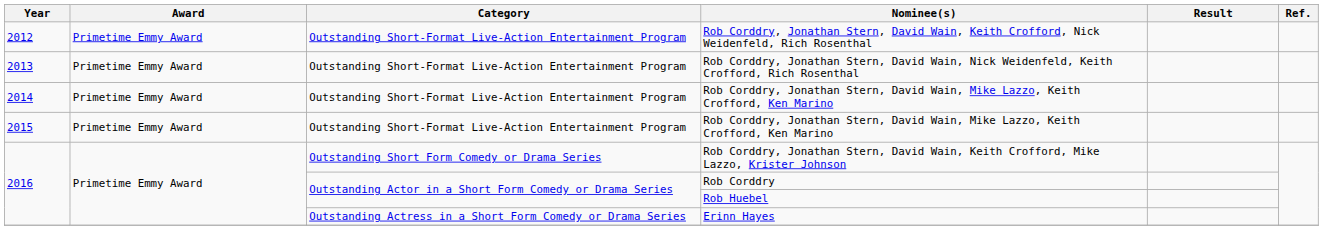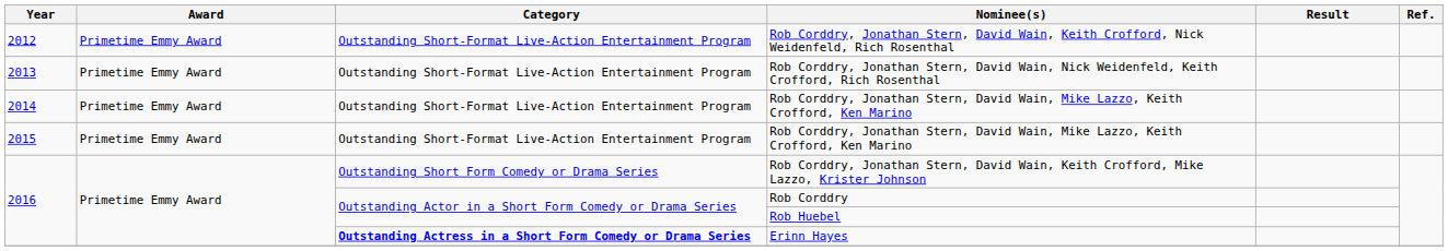 <table class="wikitable plainrowheaders" width=100%>
 <tr>
 <th scope="col" width="5%">Year</th>
 <th scope="col" width="18%">Award</th>
 <th scope="col" width="30%">Category</th>
 <th scope="col" width="34%">Nominee(s)</th>
 <th scope="col" width="10%">Result</th>
 <th scope="col" width="3%">Ref.</th>
 </tr>
 <tr>
 <td><a href='#'>2012</a></td>
 <td><a href='#'>Primetime Emmy Award</a></td>
 <td><a href='#'>Outstanding Short-Format Live-Action Entertainment Program</a></td>
 <td><a href='#'>Rob Corddry</a>, <a href='#'>Jonathan Stern</a>, <a href='#'>David Wain</a>, <a href='#'>Keith Crofford</a>, Nick Weidenfeld, Rich Rosenthal</td>
 <td></td>
 <td></td>
 </tr>
 <tr>
 <td><a href='#'>2013</a></td>
 <td>Primetime Emmy Award</td>
 <td>Outstanding Short-Format Live-Action Entertainment Program</td>
 <td>Rob Corddry, Jonathan Stern, David Wain, Nick Weidenfeld, Keith Crofford, Rich Rosenthal</td>
 <td></td>
 <td></td>
 </tr>
 <tr>
 <td><a href='#'>2014</a></td>
 <td>Primetime Emmy Award</td>
 <td>Outstanding Short-Format Live-Action Entertainment Program</td>
 <td>Rob Corddry, Jonathan Stern, David Wain, <a href='#'>Mike Lazzo</a>, Keith Crofford, <a href='#'>Ken Marino</a></td>
 <td></td>
 <td></td>
 </tr>
 <tr>
 <td><a href='#'>2015</a></td>
 <td>Primetime Emmy Award</td>
 <td>Outstanding Short-Format Live-Action Entertainment Program</td>
 <td>Rob Corddry, Jonathan Stern, David Wain, Mike Lazzo, Keith Crofford, Ken Marino</td>
 <td></td>
 <td></td>
 </tr>
 <tr>
 <td rowspan="4"><a href='#'>2016</a></td>
 <td rowspan="4">Primetime Emmy Award</td>
 <td><a href='#'>Outstanding Short Form Comedy or Drama Series</a></td>
 <td>Rob Corddry, Jonathan Stern, David Wain, Keith Crofford, Mike Lazzo, <a href='#'>Krister Johnson</a></td>
 <td></td>
 <td rowspan="4"></td>
 </tr>
 <tr>
 <td rowspan="2"><a href='#'>Outstanding Actor in a Short Form Comedy or Drama Series</a></td>
 <td>Rob Corddry</td>
 <td></td>
 </tr>
 <tr>
 <td><a href='#'>Rob Huebel</a></td>
 <td></td>
 </tr>
 <tr>
-<td><a href='#'>Outstanding Actress in a Short Form Comedy or Drama Series</a></td>
+<td><strong><a href='#'>Outstanding Actress in a Short Form Comedy or Drama Series</a></strong></td>
 <td><a href='#'>Erinn Hayes</a></td>
 <td></td>
 </tr>
 <tr>
 </tr>
 </table>
